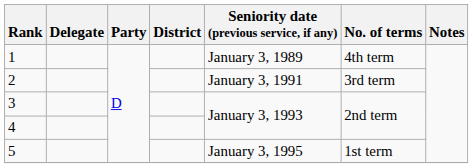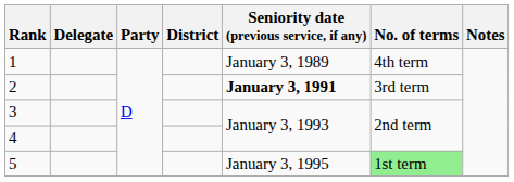 <table class="wikitable sortable">
 <tr valign=bottom>
 <th>Rank</th>
 <th>Delegate</th>
 <th>Party</th>
 <th>District</th>
 <th>Seniority date<br><small>(previous service, if any)</small><br></th>
 <th>No. of terms</th>
 <th>Notes</th>
 </tr>
 <tr>
 <td>1</td>
 <td></td>
 <td rowspan=5 ><a href='#'>D</a></td>
 <td></td>
 <td>January 3, 1989</td>
 <td>4th term</td>
 <td rowspan=5></td>
 </tr>
 <tr>
 <td>2</td>
 <td></td>
 <td></td>
-<td>January 3, 1991</td>
+<td><strong>January 3, 1991</strong></td>
 <td>3rd term</td>
 </tr>
 <tr>
 <td>3</td>
 <td></td>
 <td></td>
 <td rowspan=2>January 3, 1993</td>
 <td rowspan=2>2nd term</td>
 </tr>
 <tr>
 <td>4</td>
 <td></td>
 <td></td>
 </tr>
 <tr>
 <td>5</td>
 <td></td>
 <td></td>
 <td>January 3, 1995</td>
-<td>1st term</td>
+<td style="background: lightgreen;">1st term</td>
 </tr>
 <tr>
 </tr>
 </table>
